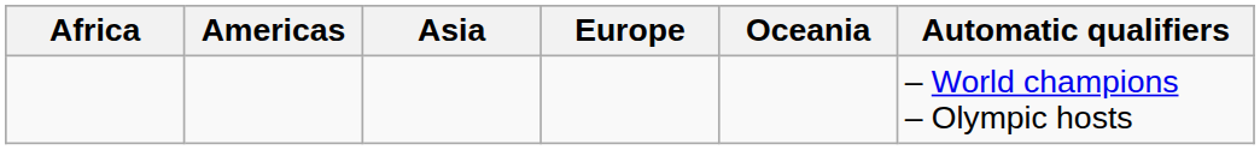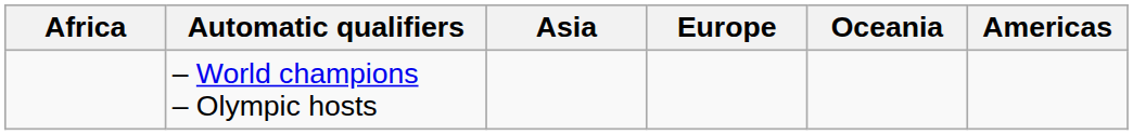 <table class=wikitable width=100% valign=top>
 <tr>
 <th width=13%>Africa</th>
-<th width=13%>Americas</th>
+<th width=26%>Automatic qualifiers</th>
 <th width=13%>Asia</th>
 <th width=13%>Europe</th>
 <th width=13%>Oceania</th>
-<th width=26%>Automatic qualifiers</th>
+<th width=13%>Americas</th>
 </tr>
 <tr valign=top>
 <td></td>
-<td><br></td>
+<td> – <a href='#'>World champions</a><br> – Olympic hosts</td>
 <td><br><br></td>
 <td><br><br></td>
 <td></td>
-<td> – <a href='#'>World champions</a><br> – Olympic hosts</td>
+<td><br></td>
 </tr>
 </table>
